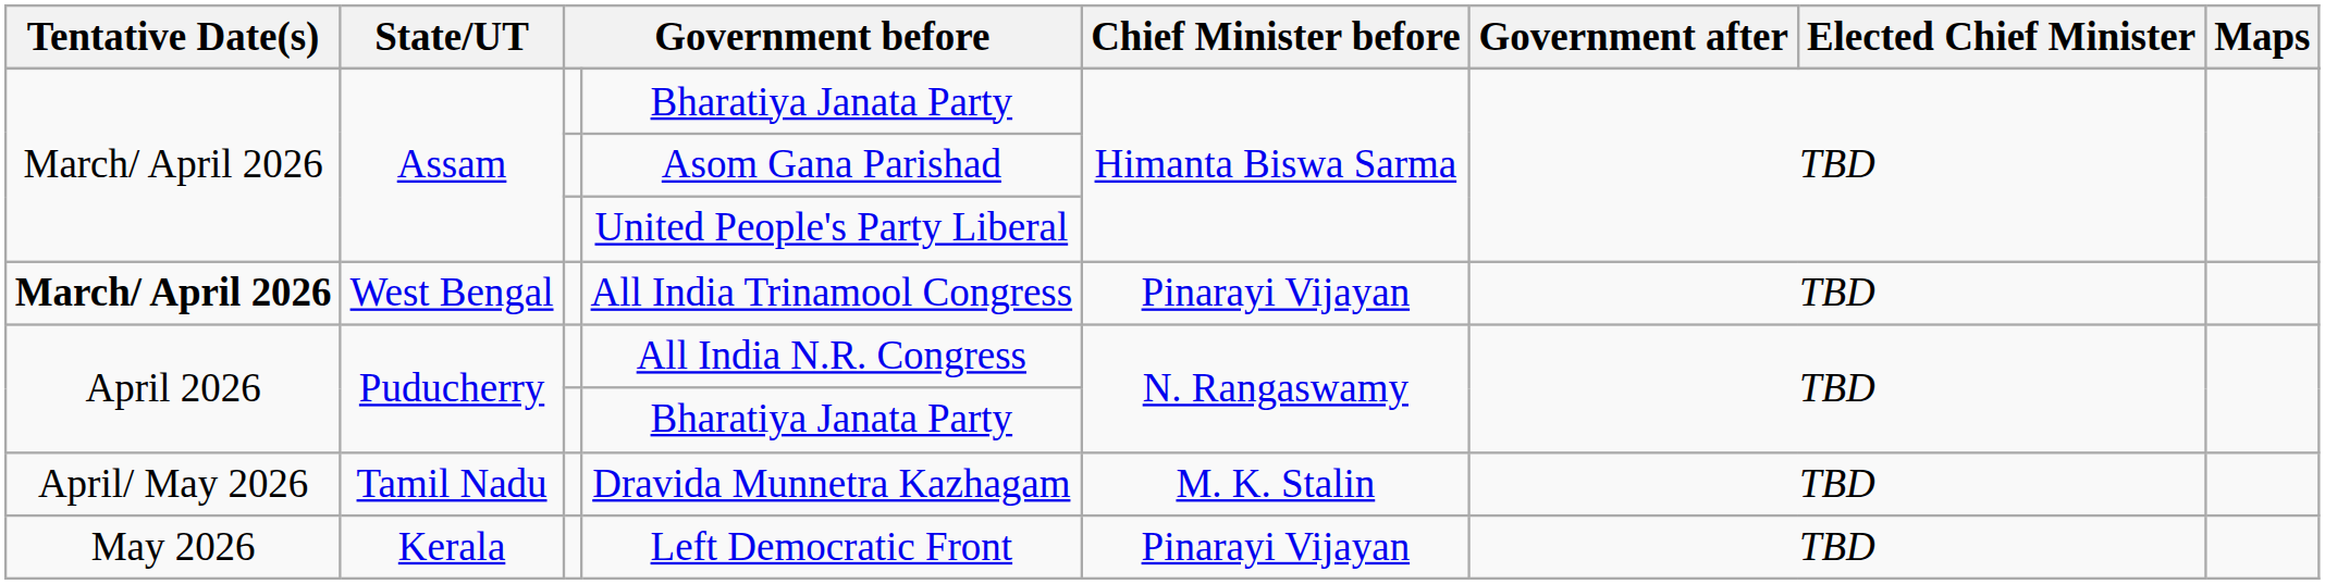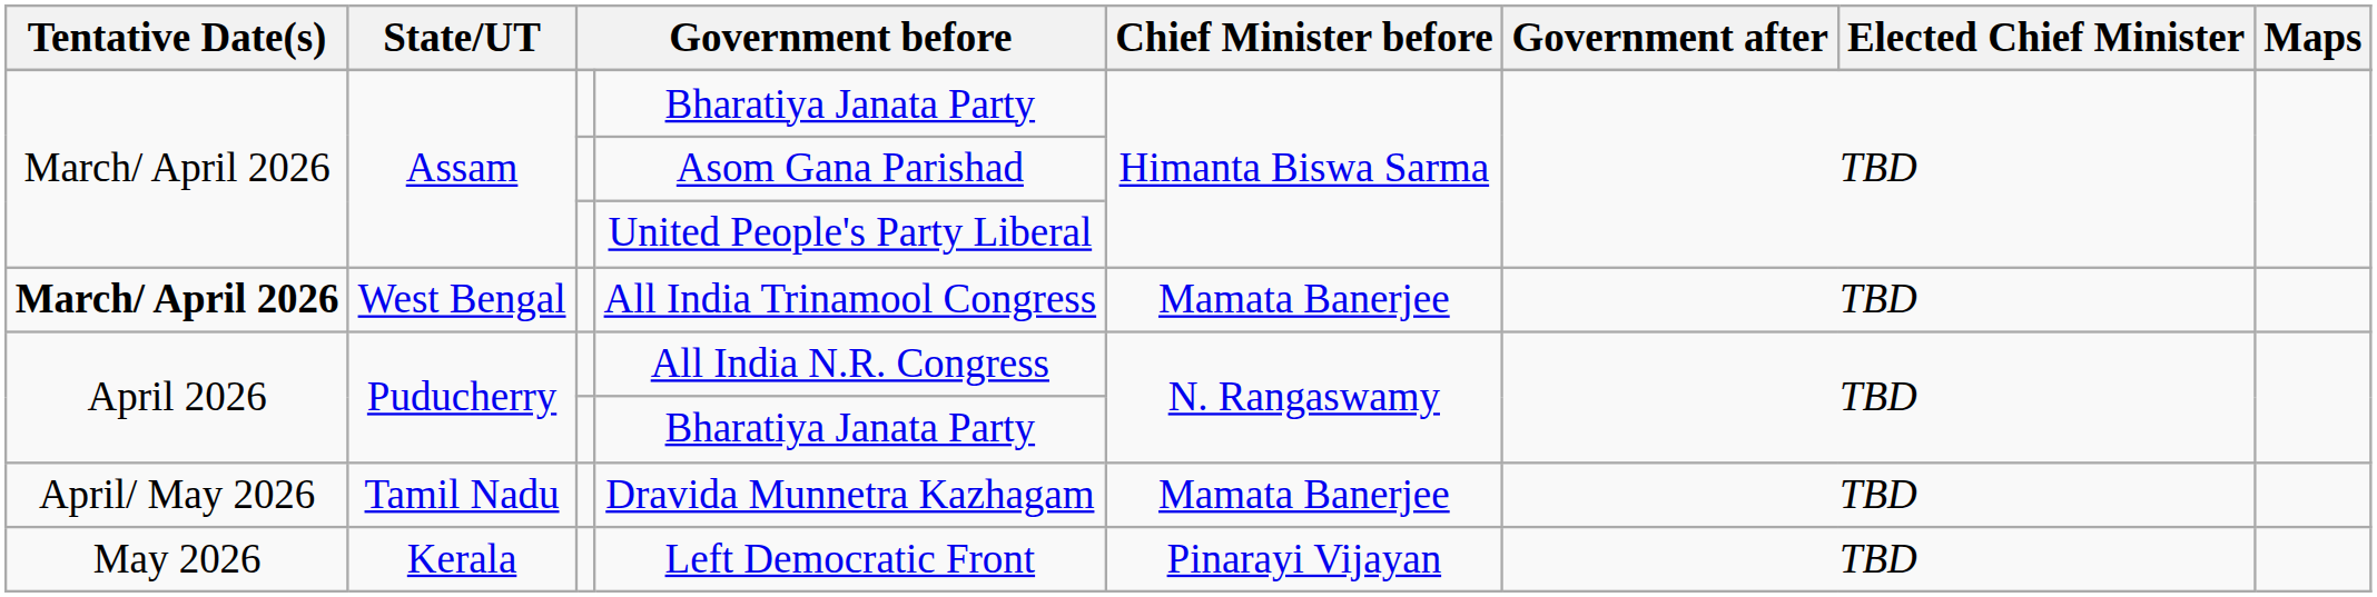 <table class="wikitable" style="text-align:center;">
 <tr>
 <th>Tentative Date(s)</th>
 <th>State/UT</th>
 <th colspan="2">Government before</th>
 <th>Chief Minister before</th>
 <th>Government after</th>
 <th>Elected Chief Minister</th>
 <th>Maps</th>
 </tr>
 <tr style="text-align:center;">
 </tr>
 <tr style="text-align:center;">
 <td rowspan="3">March/ April 2026</td>
 <td rowspan="3"><a href='#'>Assam</a></td>
 <td style="background:"></td>
 <td><a href='#'>Bharatiya Janata Party</a></td>
 <td rowspan="3"><a href='#'>Himanta Biswa Sarma</a></td>
 <td colspan="2" rowspan="3"><em>TBD</em></td>
 <td rowspan="3"></td>
 </tr>
 <tr style="text-align:center;">
 <td style="background:"></td>
 <td><a href='#'>Asom Gana Parishad</a></td>
 </tr>
 <tr style="text-align:center;">
 <td style="background:"></td>
 <td><a href='#'>United People's Party Liberal</a></td>
 </tr>
 <tr style="text-align:center;">
 <td><strong>March/ April 2026</strong></td>
 <td><a href='#'>West Bengal</a></td>
 <td style="background:"></td>
 <td><a href='#'>All India Trinamool Congress</a></td>
-<td><a href='#'>Pinarayi Vijayan</a></td>
+<td><a href='#'>Mamata Banerjee</a></td>
 <td colspan="2"><em>TBD</em></td>
 <td></td>
 </tr>
 <tr style="text-align:center;">
 <td rowspan="2">April 2026</td>
 <td rowspan="2"><a href='#'>Puducherry</a></td>
 <td style="background:"></td>
 <td><a href='#'>All India N.R. Congress</a></td>
 <td rowspan="2"><a href='#'>N. Rangaswamy</a></td>
 <td colspan="2" rowspan="2"><em>TBD</em></td>
 <td rowspan="2"></td>
 </tr>
 <tr style="text-align:center;">
 <td style="background:"></td>
 <td><a href='#'>Bharatiya Janata Party</a></td>
 </tr>
 <tr style="text-align:center;">
 <td>April/ May 2026</td>
 <td><a href='#'>Tamil Nadu</a></td>
 <td style="background:"></td>
 <td><a href='#'>Dravida Munnetra Kazhagam</a></td>
-<td><a href='#'>M. K. Stalin</a></td>
+<td><a href='#'>Mamata Banerjee</a></td>
 <td colspan="2"><em>TBD</em></td>
 <td></td>
 </tr>
 <tr style="text-align:center;">
 <td>May 2026</td>
 <td><a href='#'>Kerala</a></td>
 <td style="background:"></td>
 <td><a href='#'>Left Democratic Front</a></td>
 <td><a href='#'>Pinarayi Vijayan</a></td>
 <td colspan="2"><em>TBD</em></td>
 <td></td>
 </tr>
 </table>
